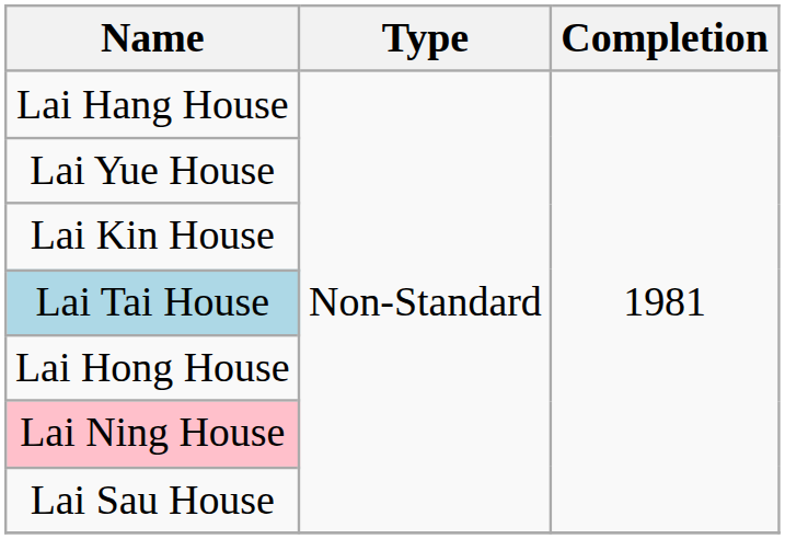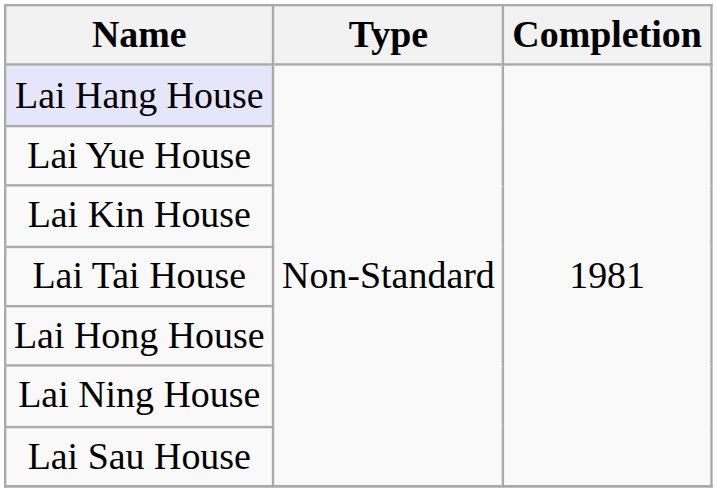 <table class="wikitable" style="text-align: center">
 <tr>
 <th>Name</th>
 <th>Type</th>
 <th>Completion</th>
 </tr>
 <tr>
-<td>Lai Hang House</td>
+<td style="background: lavender;">Lai Hang House</td>
 <td rowspan="7">Non-Standard</td>
 <td rowspan="7">1981</td>
 </tr>
 <tr>
 <td>Lai Yue House</td>
 </tr>
 <tr>
 <td>Lai Kin House</td>
 </tr>
 <tr>
-<td style="background: lightblue;">Lai Tai House</td>
+<td>Lai Tai House</td>
 </tr>
 <tr>
 <td>Lai Hong House</td>
 </tr>
 <tr>
-<td style="background: pink;">Lai Ning House</td>
+<td>Lai Ning House</td>
 </tr>
 <tr>
 <td>Lai Sau House</td>
 </tr>
 <tr>
 </tr>
 </table>
